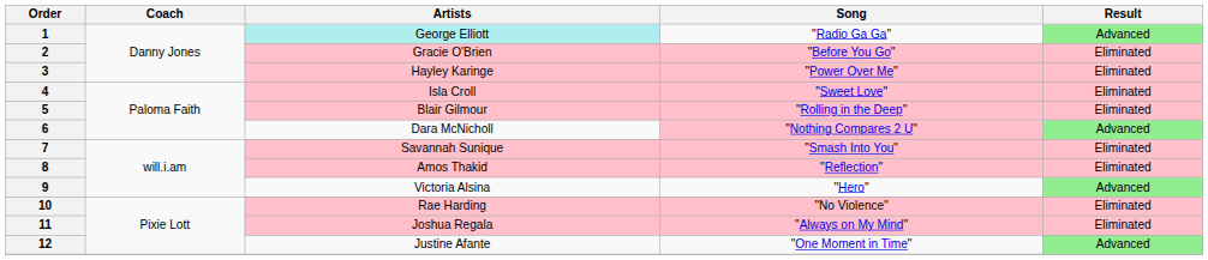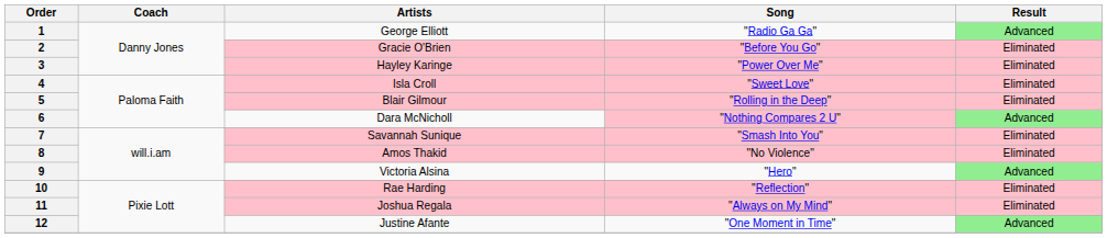 <table class="wikitable" style="text-align:center; width:100%;”">
 <tr>
 <th style="width:05%;">Order</th>
 <th style="width:10%;">Coach</th>
 <th style="width:26%;">Artists</th>
 <th style="width:24%;">Song</th>
 <th style="width:10%;">Result</th>
 </tr>
 <tr>
 <th scope="col">1</th>
 <td rowspan="3">Danny Jones</td>
-<td style="background: paleturquoise;">George Elliott</td>
+<td>George Elliott</td>
 <td>"<a href='#'>Radio Ga Ga</a>"</td>
 <td style="background:lightgreen;text-align:center;">Advanced</td>
 </tr>
 <tr>
 <th scope="col">2</th>
 <td style="background:pink;text-align:center;">Gracie O'Brien</td>
 <td style="background:pink;text-align:center;">"<a href='#'>Before You Go</a>"</td>
 <td style="background:pink;text-align:center;">Eliminated</td>
 </tr>
 <tr>
 <th scope="col">3</th>
 <td style="background:pink;text-align:center;">Hayley Karinge</td>
 <td style="background:pink;text-align:center;">"<a href='#'>Power Over Me</a>"</td>
 <td style="background:pink;text-align:center;">Eliminated</td>
 </tr>
 <tr>
 <th scope="col">4</th>
 <td rowspan="3">Paloma Faith</td>
 <td style="background:pink;text-align:center;">Isla Croll</td>
 <td style="background:pink;text-align:center;">"<a href='#'>Sweet Love</a>"</td>
 <td style="background:pink;text-align:center;">Eliminated</td>
 </tr>
 <tr>
 <th scope="col">5</th>
 <td style="background:pink;text-align:center;">Blair Gilmour</td>
 <td style="background:pink;text-align:center;">"<a href='#'>Rolling in the Deep</a>"</td>
 <td style="background:pink;text-align:center;">Eliminated</td>
 </tr>
 <tr>
 <th scope="col">6</th>
 <td>Dara McNicholl</td>
 <td style="background: pink;">"<a href='#'>Nothing Compares 2 U</a>"</td>
 <td style="background:lightgreen;text-align:center;">Advanced</td>
 </tr>
 <tr>
 <th scope="col">7</th>
 <td rowspan="3">will.i.am</td>
 <td style="background:pink;text-align:center;">Savannah Sunique</td>
 <td style="background:pink;text-align:center;">"<a href='#'>Smash Into You</a>"</td>
 <td style="background:pink;text-align:center;">Eliminated</td>
 </tr>
 <tr>
 <th scope="col">8</th>
 <td style="background:pink;text-align:center;">Amos Thakid</td>
-<td style="background:pink;text-align:center;">"<a href='#'>Reflection</a>"</td>
+<td style="background:pink;text-align:center;">"No Violence"</td>
 <td style="background:pink;text-align:center;">Eliminated</td>
 </tr>
 <tr>
 <th scope="col">9</th>
 <td>Victoria Alsina</td>
 <td>"<a href='#'>Hero</a>"</td>
 <td style="background:lightgreen;text-align:center;">Advanced</td>
 </tr>
 <tr>
 <th scope="col">10</th>
 <td rowspan="3">Pixie Lott</td>
 <td style="background:pink;text-align:center;">Rae Harding</td>
-<td style="background:pink;text-align:center;">"No Violence"</td>
+<td style="background:pink;text-align:center;">"<a href='#'>Reflection</a>"</td>
 <td style="background:pink;text-align:center;">Eliminated</td>
 </tr>
 <tr>
 <th scope="col">11</th>
 <td style="background:pink;text-align:center;">Joshua Regala</td>
 <td style="background:pink;text-align:center;">"<a href='#'>Always on My Mind</a>"</td>
 <td style="background:pink;text-align:center;">Eliminated</td>
 </tr>
 <tr>
 <th scope="col">12</th>
 <td>Justine Afante</td>
 <td>"<a href='#'>One Moment in Time</a>"</td>
 <td style="background:lightgreen;text-align:center;">Advanced</td>
 </tr>
 <tr>
 </tr>
 </table>
